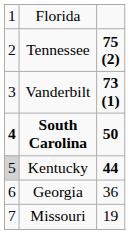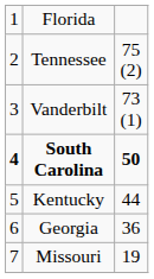 <table class="wikitable" style="width: 20%;text-align: center;">
 <tr align="center">
 </tr>
 <tr align="center">
 <td>1</td>
 <td>Florida</td>
 <td></td>
 </tr>
 <tr>
 <td>2</td>
 <td>Tennessee</td>
-<td><strong>75 (2)</strong></td>
+<td>75 (2)</td>
 </tr>
 <tr>
 <td>3</td>
 <td>Vanderbilt</td>
-<td><strong>73 (1)</strong></td>
+<td>73 (1)</td>
 </tr>
 <tr>
 <td><strong>4</strong></td>
 <td><strong>South Carolina</strong></td>
 <td><strong>50</strong></td>
 </tr>
 <tr>
-<td style="background: lightgrey;">5</td>
+<td>5</td>
 <td>Kentucky</td>
-<td><strong>44</strong></td>
+<td>44</td>
 </tr>
 <tr>
 <td>6</td>
 <td>Georgia</td>
 <td>36</td>
 </tr>
 <tr>
 <td>7</td>
 <td>Missouri</td>
 <td>19</td>
 </tr>
 <tr>
 </tr>
 </table>
